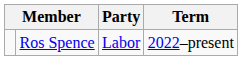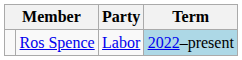 <table class="wikitable">
 <tr>
 <th colspan="2">Member</th>
 <th>Party</th>
 <th>Term</th>
 </tr>
 <tr>
 <td> </td>
 <td><a href='#'>Ros Spence</a></td>
 <td><a href='#'>Labor</a></td>
-<td><a href='#'>2022</a>–present</td>
+<td style="background: lightblue;"><a href='#'>2022</a>–present</td>
 </tr>
 <tr>
 </tr>
 </table>
